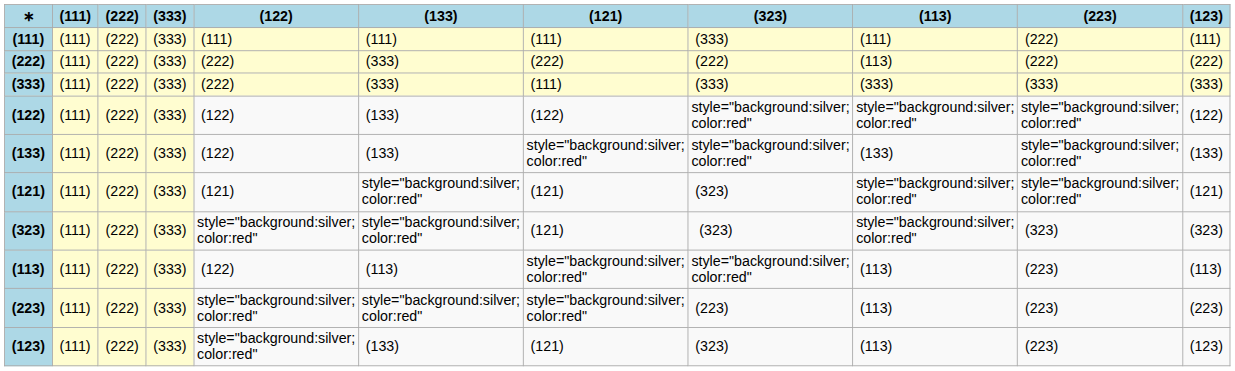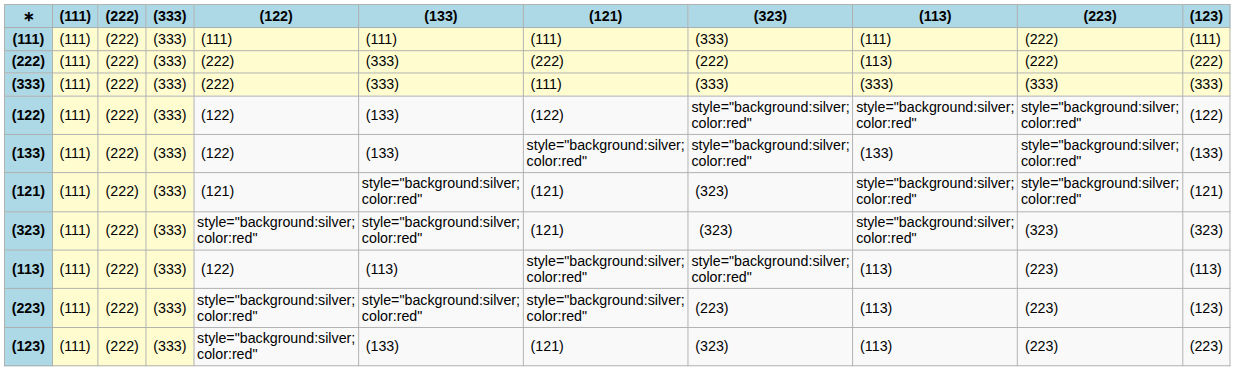 <table class="wikitable" border="2" style="margin: 1em auto;">
 <tr>
 <th style="background:#ADD8E6">∗</th>
 <th style="background:#ADD8E6"> (111) </th>
 <th style="background:#ADD8E6"> (222) </th>
 <th style="background:#ADD8E6"> (333) </th>
 <th style="background:#ADD8E6"> (122) </th>
 <th style="background:#ADD8E6"> (133) </th>
 <th style="background:#ADD8E6"> (121) </th>
 <th style="background:#ADD8E6"> (323) </th>
 <th style="background:#ADD8E6"> (113) </th>
 <th style="background:#ADD8E6"> (223) </th>
 <th style="background:#ADD8E6"> (123) </th>
 </tr>
 <tr style="background:#FFFDD0">
 <th style="background:#ADD8E6"> (111) </th>
 <td> (111)</td>
 <td> (222)</td>
 <td> (333)</td>
 <td> (111)</td>
 <td> (111)</td>
 <td> (111)</td>
 <td> (333)</td>
 <td> (111)</td>
 <td> (222)</td>
 <td> (111)</td>
 </tr>
 <tr style="background:#FFFDD0">
 <th style="background:#ADD8E6"> (222) </th>
 <td> (111)</td>
 <td> (222)</td>
 <td> (333)</td>
 <td> (222)</td>
 <td> (333)</td>
 <td> (222)</td>
 <td> (222)</td>
 <td> (113)</td>
 <td> (222)</td>
 <td> (222)</td>
 </tr>
 <tr style="background:#FFFDD0">
 <th style="background:#ADD8E6"> (333) </th>
 <td> (111)</td>
 <td> (222)</td>
 <td> (333)</td>
 <td> (222)</td>
 <td> (333)</td>
 <td> (111)</td>
 <td> (333)</td>
 <td> (333)</td>
 <td> (333)</td>
 <td> (333)</td>
 </tr>
 <tr>
 <th style="background:#ADD8E6"> (122) </th>
 <td style="background:#FFFDD0"> (111)</td>
 <td style="background:#FFFDD0"> (222)</td>
 <td style="background:#FFFDD0"> (333)</td>
 <td> (122)</td>
 <td> (133)</td>
 <td> (122)</td>
 <td>style="background:silver; color:red" </td>
 <td>style="background:silver; color:red" </td>
 <td>style="background:silver; color:red" </td>
 <td> (122)</td>
 </tr>
 <tr>
 <th style="background:#ADD8E6"> (133) </th>
 <td style="background:#FFFDD0"> (111)</td>
 <td style="background:#FFFDD0"> (222)</td>
 <td style="background:#FFFDD0"> (333)</td>
 <td> (122)</td>
 <td> (133)</td>
 <td>style="background:silver; color:red" </td>
 <td>style="background:silver; color:red" </td>
 <td> (133)</td>
 <td>style="background:silver; color:red" </td>
 <td> (133)</td>
 </tr>
 <tr>
 <th style="background:#ADD8E6"> (121) </th>
 <td style="background:#FFFDD0"> (111)</td>
 <td style="background:#FFFDD0"> (222)</td>
 <td style="background:#FFFDD0"> (333)</td>
 <td> (121)</td>
 <td>style="background:silver; color:red" </td>
 <td> (121)</td>
 <td> (323)</td>
 <td>style="background:silver; color:red" </td>
 <td>style="background:silver; color:red" </td>
 <td> (121)</td>
 </tr>
 <tr>
 <th style="background:#ADD8E6"> (323) </th>
 <td style="background:#FFFDD0"> (111)</td>
 <td style="background:#FFFDD0"> (222)</td>
 <td style="background:#FFFDD0"> (333)</td>
 <td>style="background:silver; color:red" </td>
 <td>style="background:silver; color:red" </td>
 <td> (121)</td>
 <td>  (323)</td>
 <td>style="background:silver; color:red" </td>
 <td> (323)</td>
 <td> (323)</td>
 </tr>
 <tr>
 <th style="background:#ADD8E6"> (113) </th>
 <td style="background:#FFFDD0"> (111)</td>
 <td style="background:#FFFDD0"> (222)</td>
 <td style="background:#FFFDD0"> (333)</td>
 <td> (122)</td>
 <td> (113)</td>
 <td>style="background:silver; color:red" </td>
 <td>style="background:silver; color:red" </td>
 <td> (113)</td>
 <td> (223)</td>
 <td> (113)</td>
 </tr>
 <tr>
 <th style="background:#ADD8E6"> (223) </th>
 <td style="background:#FFFDD0"> (111)</td>
 <td style="background:#FFFDD0"> (222)</td>
 <td style="background:#FFFDD0"> (333)</td>
 <td>style="background:silver; color:red" </td>
 <td>style="background:silver; color:red" </td>
 <td>style="background:silver; color:red" </td>
 <td> (223)</td>
 <td> (113)</td>
 <td> (223)</td>
-<td> (223)</td>
+<td> (123)</td>
 </tr>
 <tr>
 <th style="background:#ADD8E6"> (123) </th>
 <td style="background:#FFFDD0"> (111)</td>
 <td style="background:#FFFDD0"> (222)</td>
 <td style="background:#FFFDD0"> (333)</td>
 <td>style="background:silver; color:red" </td>
 <td> (133)</td>
 <td> (121)</td>
 <td> (323)</td>
 <td> (113)</td>
 <td> (223)</td>
-<td> (123)</td>
+<td> (223)</td>
 </tr>
 </table>
